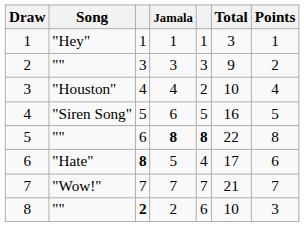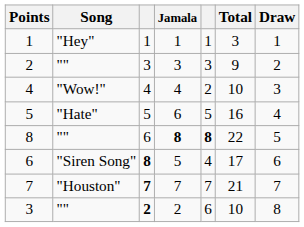 <table class="wikitable collapsible" style="float:right; margin:10px; text-align:center;">
 <tr>
-<th>Draw</th>
+<th>Points</th>
 <th>Song</th>
 <th><small></small></th>
 <th><small>Jamala</small></th>
 <th><small></small></th>
 <th>Total</th>
-<th>Points</th>
+<th>Draw</th>
 </tr>
 <tr>
 <td>1</td>
 <td align="left">"Hey"</td>
 <td>1</td>
 <td>1</td>
 <td>1</td>
 <td>3</td>
 <td>1</td>
 </tr>
 <tr>
 <td>2</td>
 <td align="left">""</td>
 <td>3</td>
 <td>3</td>
 <td>3</td>
 <td>9</td>
 <td>2</td>
 </tr>
 <tr>
-<td>3</td>
-<td align="left">"Houston"</td>
+<td>4</td>
+<td align="left">"Wow!"</td>
 <td>4</td>
 <td>4</td>
 <td>2</td>
 <td>10</td>
-<td>4</td>
+<td>3</td>
 </tr>
 <tr>
-<td>4</td>
-<td align="left">"Siren Song"</td>
+<td>5</td>
+<td align="left">"Hate"</td>
 <td>5</td>
 <td>6</td>
 <td>5</td>
 <td>16</td>
-<td>5</td>
+<td>4</td>
 </tr>
 <tr>
-<td>5</td>
+<td>8</td>
 <td align="left">""</td>
 <td>6</td>
 <td><strong>8</strong></td>
 <td><strong>8</strong></td>
 <td>22</td>
-<td>8</td>
+<td>5</td>
 </tr>
 <tr>
 <td>6</td>
-<td align="left">"Hate"</td>
+<td align="left">"Siren Song"</td>
 <td><strong>8</strong></td>
 <td>5</td>
 <td>4</td>
 <td>17</td>
 <td>6</td>
 </tr>
 <tr>
 <td>7</td>
-<td align="left">"Wow!"</td>
-<td>7</td>
+<td align="left">"Houston"</td>
+<td><strong>7</strong></td>
 <td>7</td>
 <td>7</td>
 <td>21</td>
 <td>7</td>
 </tr>
 <tr>
-<td>8</td>
+<td>3</td>
 <td align="left">""</td>
 <td><strong>2</strong></td>
 <td>2</td>
 <td>6</td>
 <td>10</td>
-<td>3</td>
+<td>8</td>
 </tr>
 </table>
